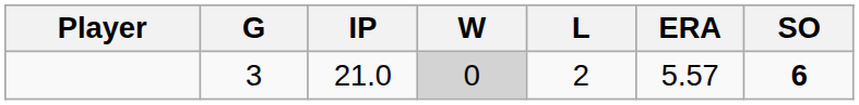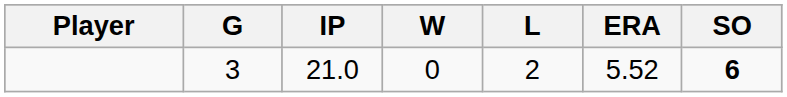 <table class="wikitable sortable">
 <tr>
 <th bgcolor="#DDDDFF" width="16%">Player</th>
 <th bgcolor="#DDDDFF" width="9%">G</th>
 <th bgcolor="#DDDDFF" width="9%">IP</th>
 <th bgcolor="#DDDDFF" width="9%">W</th>
 <th bgcolor="#DDDDFF" width="9%">L</th>
 <th bgcolor="#DDDDFF" width="9%">ERA</th>
 <th bgcolor="#DDDDFF" width="9%">SO</th>
 </tr>
 <tr align="center">
 <td></td>
 <td>3</td>
 <td>21.0</td>
-<td style="background: lightgrey;">0</td>
+<td>0</td>
 <td>2</td>
-<td>5.57</td>
+<td>5.52</td>
 <td><strong>6</strong></td>
 </tr>
 </table>
